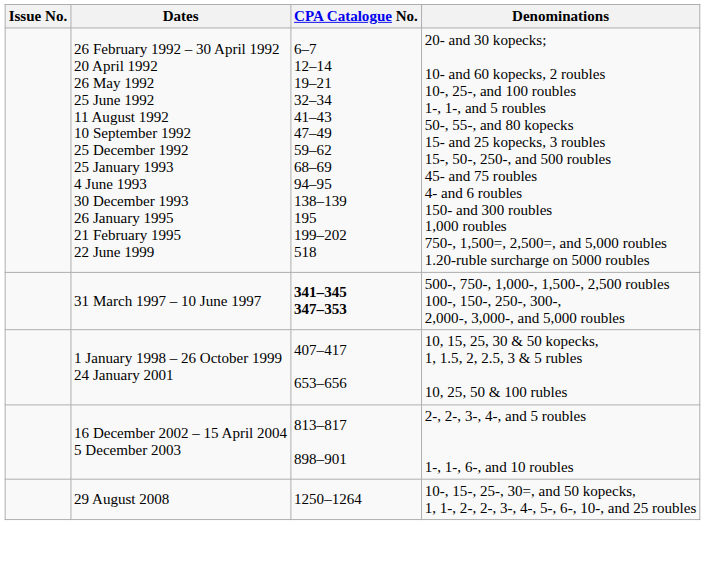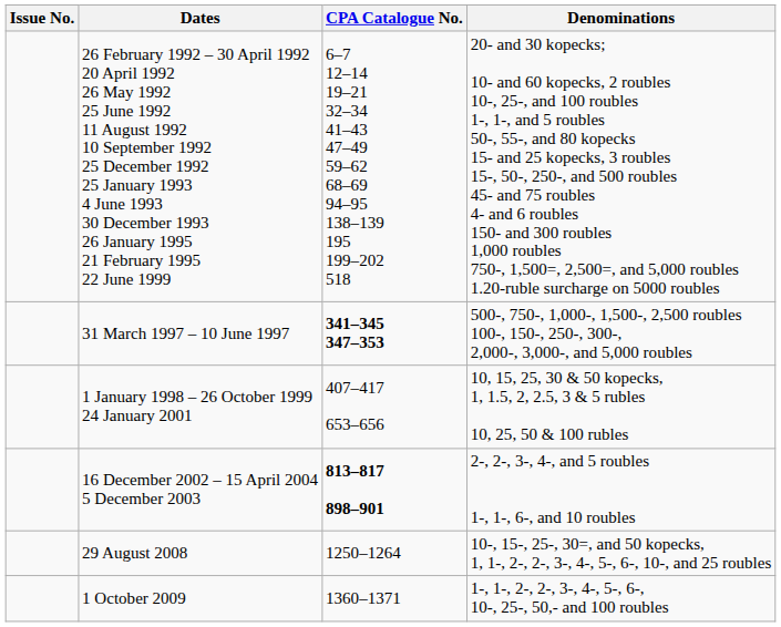 <table class="wikitable" style="margin: 1em auto 1em auto;">
 <tr style="text-align:center">
 <th>Issue No.</th>
 <th>Dates</th>
 <th><a href='#'>CPA Catalogue</a> No.</th>
 <th>Denominations</th>
 </tr>
 <tr ---->
 <td></td>
 <td>26 February 1992 – 30 April 1992<br>20 April 1992<br>26 May 1992<br>25 June 1992<br>11 August 1992<br>10 September 1992<br>25 December 1992<br>25 January 1993<br>4 June 1993<br>30 December 1993<br>26 January 1995<br>21 February 1995<br>22 June 1999</td>
 <td>6–7<br>12–14<br>19–21<br>32–34<br>41–43<br>47–49<br>59–62<br>68–69<br>94–95<br>138–139<br>195<br>199–202<br>518</td>
 <td>20- and 30 kopecks;<br><br>10- and 60 kopecks, 2 roubles<br> 10-, 25-, and 100 roubles<br> 1-, 1-, and 5 roubles<br> 50-, 55-, and 80 kopecks<br> 15- and 25 kopecks, 3 roubles<br> 15-, 50-, 250-, and 500 roubles<br> 45- and 75 roubles<br> 4- and 6 roubles<br> 150- and 300 roubles<br> 1,000 roubles<br> 750-, 1,500=, 2,500=, and 5,000 roubles<br> 1.20-ruble surcharge on 5000 roubles</td>
 </tr>
 <tr ---->
 <td></td>
 <td>31 March 1997 – 10 June 1997</td>
 <td><strong>341–345<br>347–353</strong></td>
 <td>500-, 750-, 1,000-, 1,500-, 2,500 roubles<br>100-, 150-, 250-, 300-,<br>2,000-, 3,000-, and 5,000 roubles</td>
 </tr>
 <tr ---->
 <td></td>
 <td>1 January 1998 – 26 October 1999<br>24 January 2001</td>
 <td>407–417<br><br>653–656</td>
 <td>10, 15, 25, 30 & 50 kopecks,<br>1, 1.5, 2, 2.5, 3 & 5 rubles<br><br>10, 25, 50 & 100 rubles</td>
 </tr>
 <tr ---->
 <td></td>
 <td>16 December 2002 – 15 April 2004<br>5 December 2003</td>
-<td>813–817<br><br>898–901</td>
+<td><strong>813–817<br><br>898–901</strong></td>
 <td>2-, 2-, 3-, 4-, and 5 roubles<br><br><br>1-, 1-, 6-, and 10 roubles</td>
 </tr>
 <tr ---->
 <td></td>
 <td>29 August 2008</td>
 <td>1250–1264</td>
 <td>10-, 15-, 25-, 30=, and 50 kopecks,<br>1, 1-, 2-, 2-, 3-, 4-, 5-, 6-, 10-, and 25 roubles</td>
 </tr>
+<tr ---->
+<td></td>
+<td>1 October 2009</td>
+<td>1360–1371</td>
+<td>1-, 1-, 2-, 2-, 3-, 4-, 5-, 6-,<br>10-, 25-, 50,- and 100 roubles</td>
+</tr>
 </table>
